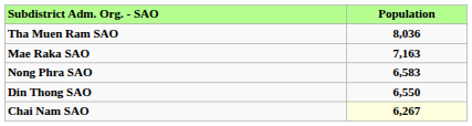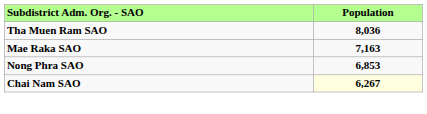 <table class="wikitable" style="width:48%; display:inline-table;">
 <tr>
 <th scope="col" style= "width:74%; background: #b4ff90; text-align:left;"><strong>Subdistrict Adm. Org. - SAO</strong></th>
 <th scope="col" style= "width:26%; background: #b4ff90; text-align:center;"><strong>Population</strong></th>
 </tr>
 <tr>
 <td><strong>Tha Muen Ram SAO</strong></td>
 <td style="text-align:center;"><strong>8,036</strong></td>
 </tr>
 <tr>
 <td><strong>Mae Raka SAO</strong></td>
 <td style="text-align:center;"><strong>7,163</strong></td>
 </tr>
 <tr>
 <td><strong>Nong Phra SAO</strong></td>
-<td style="text-align:center;"><strong>6,583</strong></td>
-</tr>
-<tr>
-<td><strong>Din Thong SAO</strong></td>
-<td style="text-align:center;"><strong>6,550</strong></td>
+<td style="text-align:center;"><strong>6,853</strong></td>
 </tr>
 <tr>
 <td><strong>Chai Nam SAO</strong></td>
 <td style="background: lightyellow; text-align:center;"><strong>6,267</strong></td>
 </tr>
 </table>
